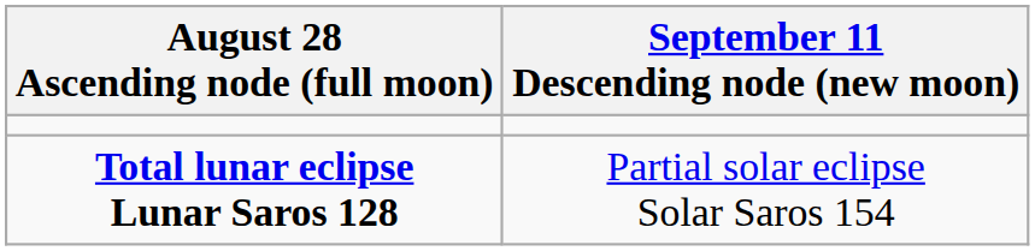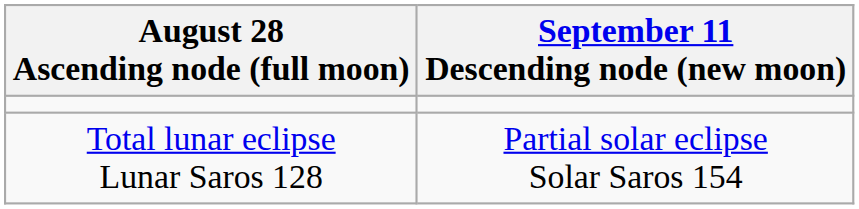 <table class="wikitable">
 <tr>
 <th>August 28<br>Ascending node (full moon)<br></th>
 <th><a href='#'>September 11</a><br>Descending node (new moon)<br></th>
 </tr>
 <tr>
 <td></td>
 <td></td>
 </tr>
 <tr align=center>
-<td><strong><a href='#'>Total lunar eclipse</a><br>Lunar Saros 128</strong></td>
+<td><a href='#'>Total lunar eclipse</a><br>Lunar Saros 128</td>
 <td><a href='#'>Partial solar eclipse</a><br>Solar Saros 154</td>
 </tr>
 </table>
